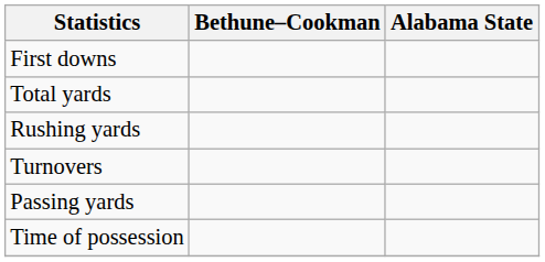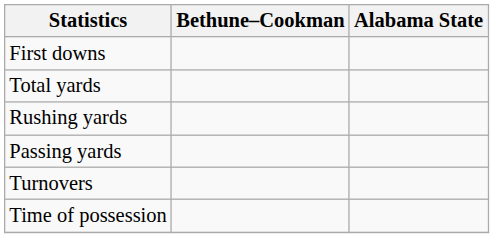 <table class="wikitable">
 <tr>
 <th>Statistics</th>
 <th>Bethune–Cookman</th>
 <th>Alabama State</th>
 </tr>
 <tr>
 <td>First downs</td>
 <td> </td>
 <td> </td>
 </tr>
 <tr>
 <td>Total yards</td>
 <td> </td>
 <td> </td>
 </tr>
 <tr>
 <td>Rushing yards</td>
 <td> </td>
 <td> </td>
 </tr>
 <tr>
-<td>Turnovers</td>
+<td>Passing yards</td>
 <td> </td>
 <td> </td>
 </tr>
 <tr>
-<td>Passing yards</td>
+<td>Turnovers</td>
 <td> </td>
 <td> </td>
 </tr>
 <tr>
 <td>Time of possession</td>
 <td> </td>
 <td> </td>
 </tr>
 <tr>
 </tr>
 </table>
